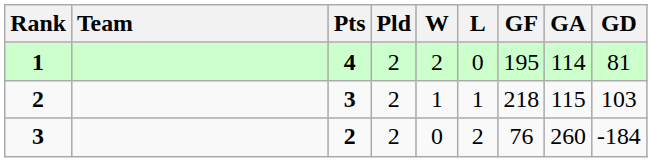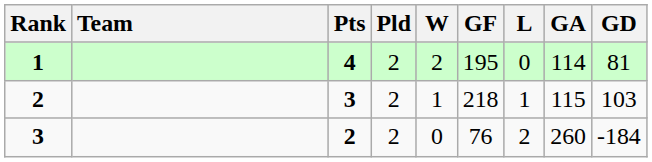 <table class="wikitable" style="text-align: center;">
 <tr>
 <th width=30>Rank</th>
 <th width=165 style="text-align:left;">Team</th>
 <th width=20>Pts</th>
 <th width=20>Pld</th>
 <th width=20>W</th>
+<th width=20>GF</th>
 <th width=20>L</th>
-<th width=20>GF</th>
 <th width=20>GA</th>
 <th width=20>GD</th>
 </tr>
 <tr style="background:#ccffcc;">
 <td><strong>1</strong></td>
 <td style="text-align:left;"></td>
 <td><strong>4</strong></td>
 <td>2</td>
 <td>2</td>
+<td>195</td>
 <td>0</td>
-<td>195</td>
 <td>114</td>
 <td>81</td>
 </tr>
 <tr>
 <td><strong>2</strong></td>
 <td style="text-align:left;"></td>
 <td><strong>3</strong></td>
 <td>2</td>
 <td>1</td>
+<td>218</td>
 <td>1</td>
-<td>218</td>
 <td>115</td>
 <td>103</td>
 </tr>
 <tr>
 <td><strong>3</strong></td>
 <td style="text-align:left;"></td>
 <td><strong>2</strong></td>
 <td>2</td>
 <td>0</td>
+<td>76</td>
 <td>2</td>
-<td>76</td>
 <td>260</td>
 <td>-184</td>
 </tr>
 </table>
